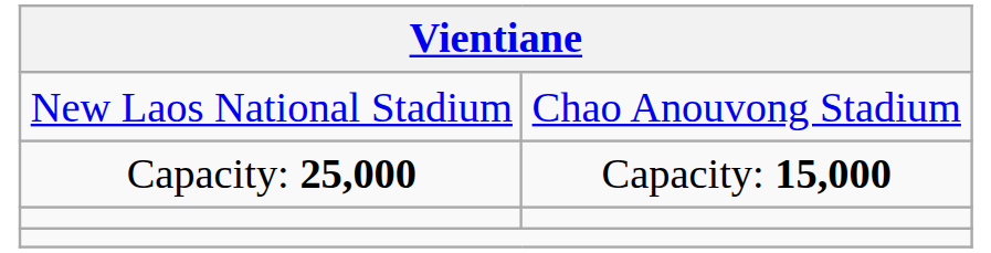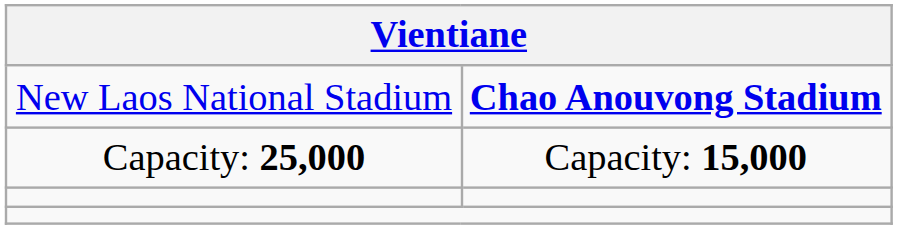 <table class="wikitable" style="margin:1em auto; text-align:center;">
 <tr>
 <th colspan=2> <a href='#'>Vientiane</a></th>
 </tr>
 <tr>
 <td><a href='#'>New Laos National Stadium</a></td>
-<td><a href='#'>Chao Anouvong Stadium</a></td>
+<td><strong><a href='#'>Chao Anouvong Stadium</a></strong></td>
 </tr>
 <tr>
 <td>Capacity: <strong>25,000</strong></td>
 <td>Capacity: <strong>15,000</strong></td>
 </tr>
 <tr>
 <td></td>
 <td></td>
 </tr>
 <tr>
 <td rowspan=4 colspan=2></td>
 </tr>
 </table>
